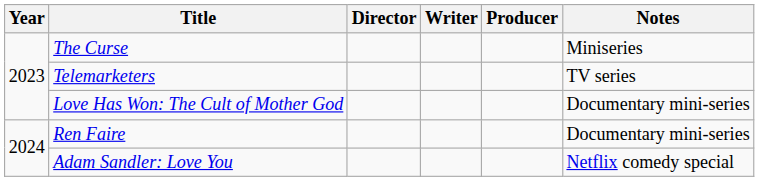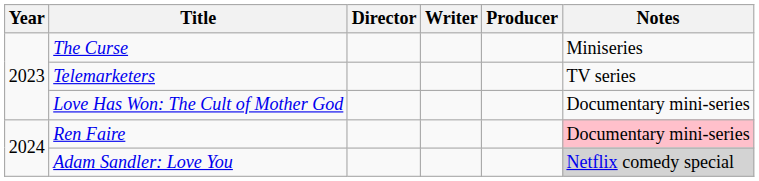 <table class="wikitable plainrowheaders">
 <tr>
 <th>Year</th>
 <th>Title</th>
 <th>Director</th>
 <th>Writer</th>
 <th>Producer</th>
 <th>Notes</th>
 </tr>
 <tr>
 <td rowspan=3>2023</td>
 <td><em><a href='#'>The Curse</a></em></td>
 <td></td>
 <td></td>
 <td></td>
 <td>Miniseries</td>
 </tr>
 <tr>
 <td><em><a href='#'>Telemarketers</a></em></td>
 <td></td>
 <td></td>
 <td></td>
 <td>TV series</td>
 </tr>
 <tr>
 <td><em><a href='#'>Love Has Won: The Cult of Mother God</a></em></td>
 <td></td>
 <td></td>
 <td></td>
 <td>Documentary mini-series</td>
 </tr>
 <tr>
 <td rowspan=2>2024</td>
 <td><em><a href='#'>Ren Faire</a></em></td>
 <td></td>
 <td></td>
 <td></td>
-<td>Documentary mini-series</td>
+<td style="background: pink;">Documentary mini-series</td>
 </tr>
 <tr>
 <td><em><a href='#'>Adam Sandler: Love You</a></em></td>
 <td></td>
 <td></td>
 <td></td>
-<td><a href='#'>Netflix</a> comedy special</td>
+<td style="background: lightgrey;"><a href='#'>Netflix</a> comedy special</td>
 </tr>
 </table>
